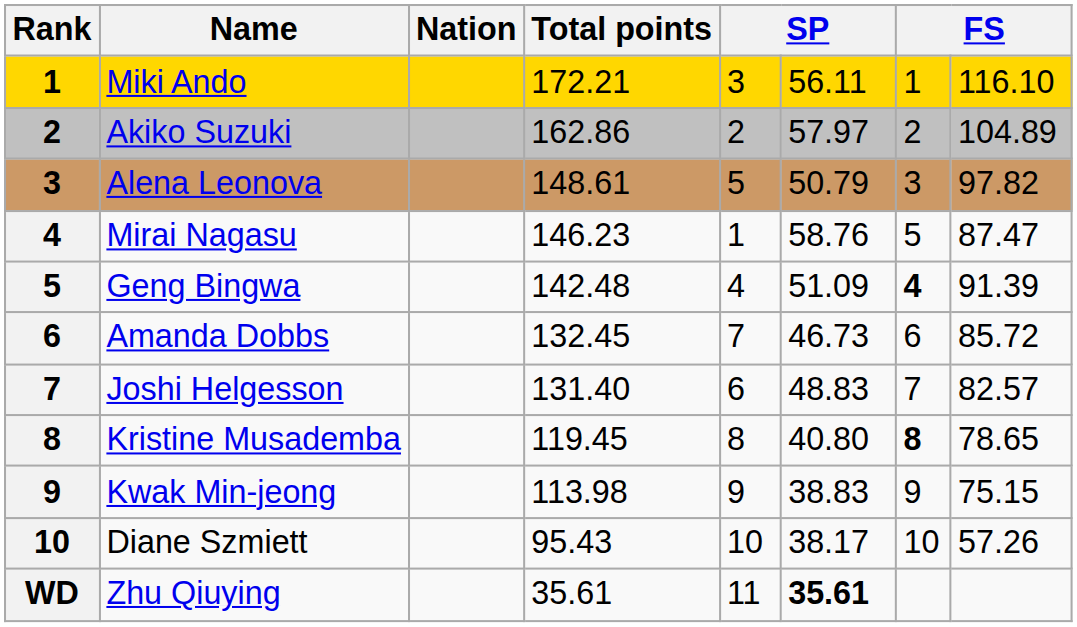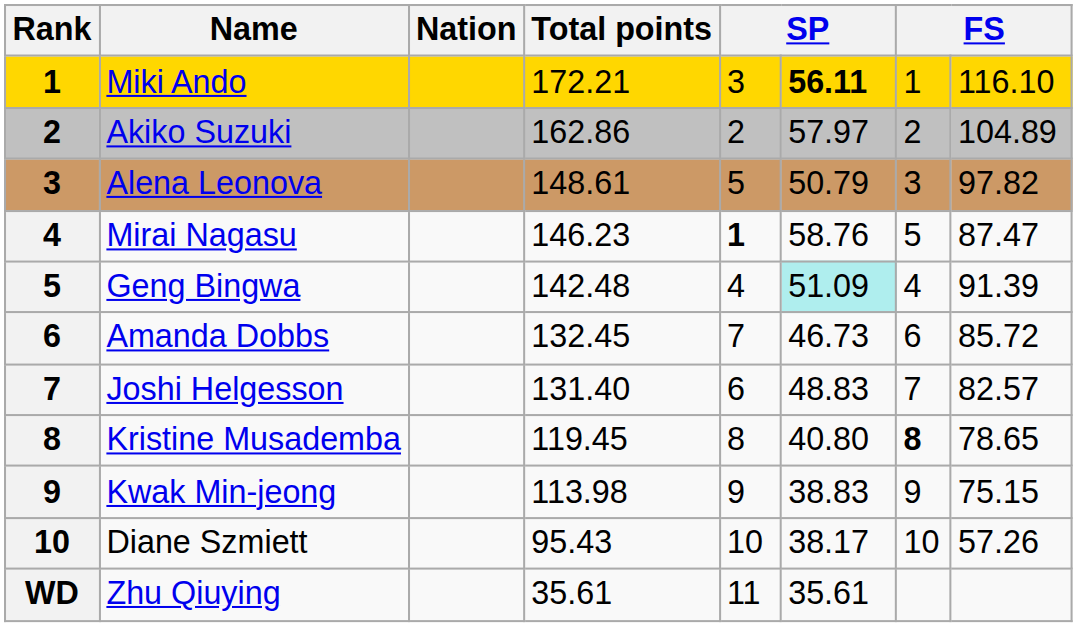 <table class="wikitable sortable">
 <tr>
 <th>Rank</th>
 <th>Name</th>
 <th>Nation</th>
 <th>Total points</th>
 <th colspan="2" width="80px"><a href='#'>SP</a></th>
 <th colspan="2" width="80px"><a href='#'>FS</a></th>
 </tr>
 <tr bgcolor="gold">
 <td align="center"><strong>1</strong></td>
 <td><a href='#'>Miki Ando</a></td>
 <td></td>
 <td>172.21</td>
 <td>3</td>
-<td>56.11</td>
+<td><strong>56.11</strong></td>
 <td>1</td>
 <td>116.10</td>
 </tr>
 <tr bgcolor="silver">
 <td align="center"><strong>2</strong></td>
 <td><a href='#'>Akiko Suzuki</a></td>
 <td></td>
 <td>162.86</td>
 <td>2</td>
 <td>57.97</td>
 <td>2</td>
 <td>104.89</td>
 </tr>
 <tr bgcolor="cc9966">
 <td align="center"><strong>3</strong></td>
 <td><a href='#'>Alena Leonova</a></td>
 <td></td>
 <td>148.61</td>
 <td>5</td>
 <td>50.79</td>
 <td>3</td>
 <td>97.82</td>
 </tr>
 <tr>
 <th>4</th>
 <td><a href='#'>Mirai Nagasu</a></td>
 <td></td>
 <td>146.23</td>
-<td>1</td>
+<td><strong>1</strong></td>
 <td>58.76</td>
 <td>5</td>
 <td>87.47</td>
 </tr>
 <tr>
 <th>5</th>
 <td><a href='#'>Geng Bingwa</a></td>
 <td></td>
 <td>142.48</td>
 <td>4</td>
-<td>51.09</td>
-<td><strong>4</strong></td>
+<td style="background: paleturquoise;">51.09</td>
+<td>4</td>
 <td>91.39</td>
 </tr>
 <tr>
 <th>6</th>
 <td><a href='#'>Amanda Dobbs</a></td>
 <td></td>
 <td>132.45</td>
 <td>7</td>
 <td>46.73</td>
 <td>6</td>
 <td>85.72</td>
 </tr>
 <tr>
 <th>7</th>
 <td><a href='#'>Joshi Helgesson</a></td>
 <td></td>
 <td>131.40</td>
 <td>6</td>
 <td>48.83</td>
 <td>7</td>
 <td>82.57</td>
 </tr>
 <tr>
 <th>8</th>
 <td><a href='#'>Kristine Musademba</a></td>
 <td></td>
 <td>119.45</td>
 <td>8</td>
 <td>40.80</td>
 <td><strong>8</strong></td>
 <td>78.65</td>
 </tr>
 <tr>
 <th>9</th>
 <td><a href='#'>Kwak Min-jeong</a></td>
 <td></td>
 <td>113.98</td>
 <td>9</td>
 <td>38.83</td>
 <td>9</td>
 <td>75.15</td>
 </tr>
 <tr>
 <th>10</th>
 <td>Diane Szmiett</td>
 <td></td>
 <td>95.43</td>
 <td>10</td>
 <td>38.17</td>
 <td>10</td>
 <td>57.26</td>
 </tr>
 <tr>
 <th>WD</th>
 <td><a href='#'>Zhu Qiuying</a></td>
 <td></td>
 <td>35.61</td>
 <td>11</td>
-<td><strong>35.61</strong></td>
+<td>35.61</td>
 <td></td>
 <td></td>
 </tr>
 </table>
